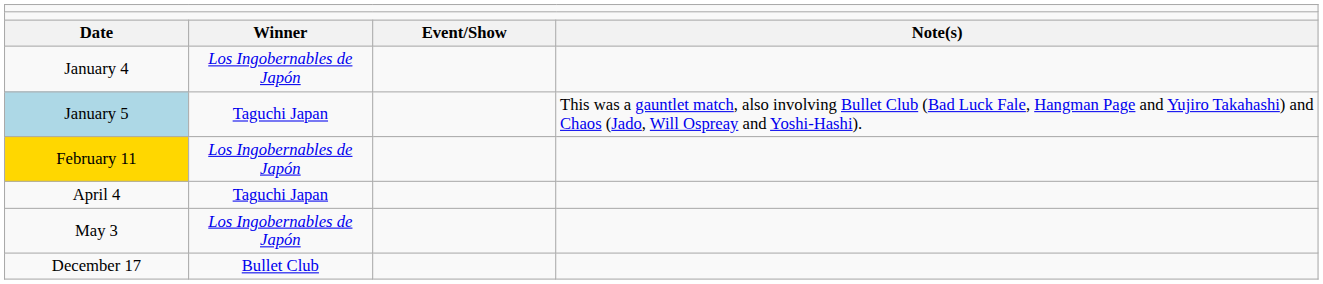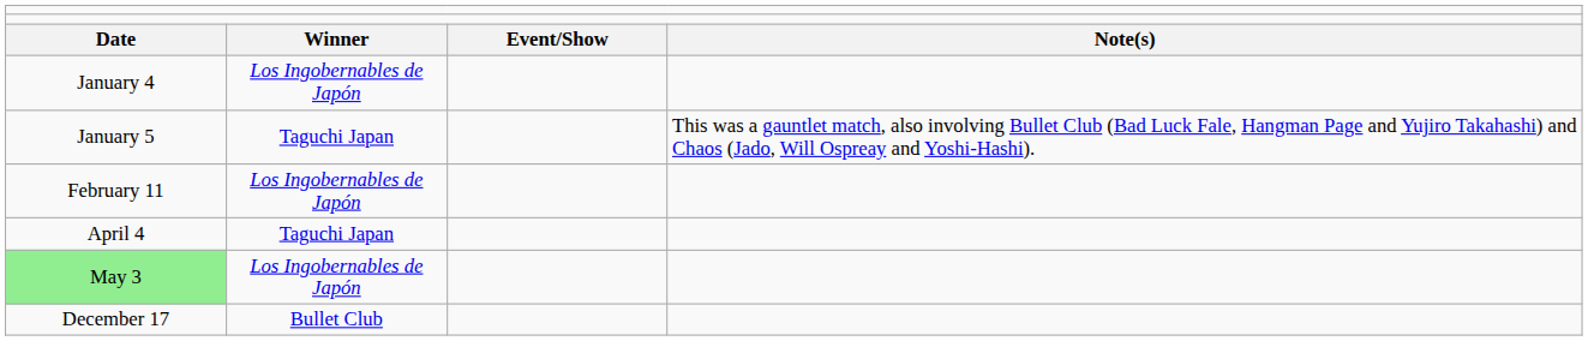 <table class="wikitable" style="text-align:center; width:100%;">
 <tr>
 <td colspan="5"></td>
 </tr>
 <tr>
 <td colspan="5"><strong></strong></td>
 </tr>
 <tr>
 <th width=14%>Date</th>
 <th width=14%>Winner</th>
 <th width=14%>Event/Show</th>
 <th width=58%>Note(s)</th>
 </tr>
 <tr>
 <td>January 4</td>
 <td><em><a href='#'>Los Ingobernables de Japón</a></em><br></td>
 <td></td>
 <td align=left></td>
 </tr>
 <tr>
-<td style="background: lightblue;">January 5</td>
+<td>January 5</td>
 <td><a href='#'>Taguchi Japan</a><br></td>
 <td></td>
 <td align=left>This was a <a href='#'>gauntlet match</a>, also involving <a href='#'>Bullet Club</a> (<a href='#'>Bad Luck Fale</a>, <a href='#'>Hangman Page</a> and <a href='#'>Yujiro Takahashi</a>) and <a href='#'>Chaos</a> (<a href='#'>Jado</a>, <a href='#'>Will Ospreay</a> and <a href='#'>Yoshi-Hashi</a>).</td>
 </tr>
 <tr>
-<td style="background: gold;">February 11</td>
+<td>February 11</td>
 <td><em><a href='#'>Los Ingobernables de Japón</a></em><br></td>
 <td></td>
 <td></td>
 </tr>
 <tr>
 <td>April 4</td>
 <td><a href='#'>Taguchi Japan</a><br></td>
 <td></td>
 <td align=left></td>
 </tr>
 <tr>
-<td>May 3</td>
+<td style="background: lightgreen;">May 3</td>
 <td><em><a href='#'>Los Ingobernables de Japón</a></em><br></td>
 <td></td>
 <td></td>
 </tr>
 <tr>
 <td>December 17</td>
 <td><a href='#'>Bullet Club</a><br></td>
 <td></td>
 <td></td>
 </tr>
 </table>
